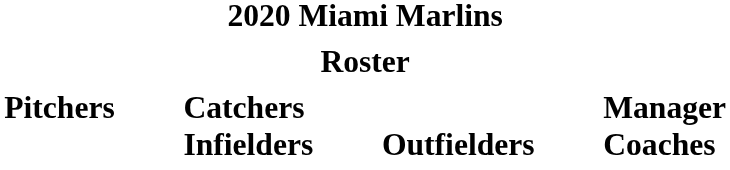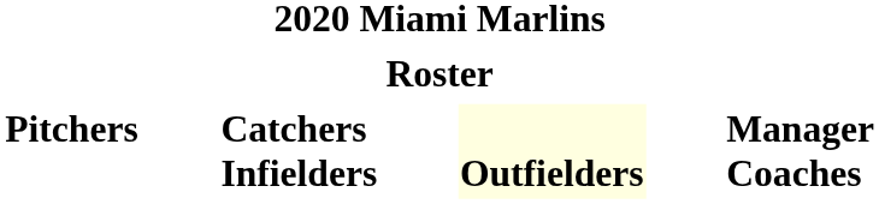 <table class="toccolours" style="font-size: 95%;">
 <tr>
 <th colspan="10">2020 Miami Marlins</th>
 </tr>
 <tr>
 <th colspan="10">Roster</th>
 </tr>
 <tr>
 <td valign="top"><strong>Pitchers</strong><br>                                   </td>
 <td style="width:25px;"></td>
 <td valign="top"><strong>Catchers</strong><br>     <strong>Infielders</strong>            </td>
 <td style="width:25px;"></td>
-<td valign="top"><br><strong>Outfielders</strong>        </td>
+<td valign="top" style="background: lightyellow;"><br><strong>Outfielders</strong>        </td>
 <td style="width:25px;"></td>
 <td valign="top"><strong>Manager</strong><br> <strong>Coaches</strong>                     </td>
 </tr>
 </table>
